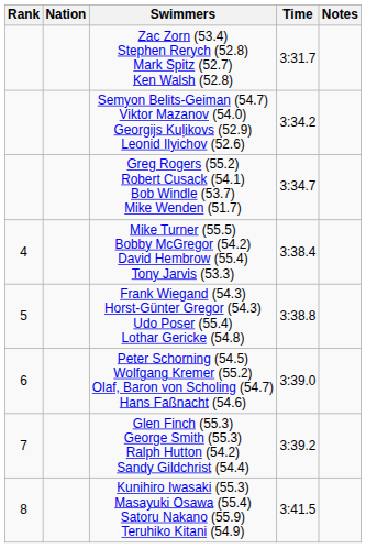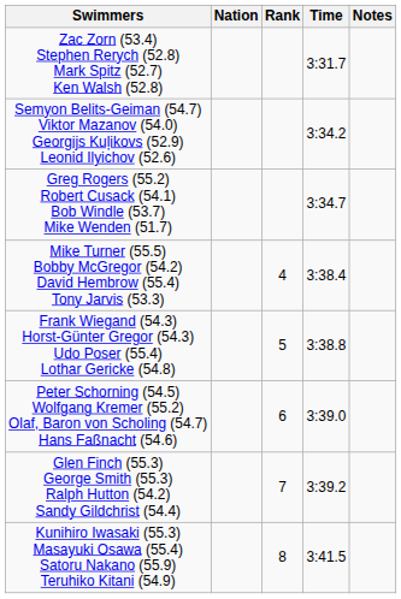 <table class="wikitable sortable" style="text-align:center">
 <tr>
+<th>Swimmers</th>
+<th>Nation</th>
 <th>Rank</th>
-<th>Nation</th>
-<th>Swimmers</th>
 <th>Time</th>
 <th>Notes</th>
 </tr>
 <tr>
+<td><a href='#'>Zac Zorn</a> (53.4) <br><a href='#'>Stephen Rerych</a> (52.8)<br><a href='#'>Mark Spitz</a> (52.7)<br><a href='#'>Ken Walsh</a> (52.8)</td>
 <td></td>
 <td></td>
-<td><a href='#'>Zac Zorn</a> (53.4) <br><a href='#'>Stephen Rerych</a> (52.8)<br><a href='#'>Mark Spitz</a> (52.7)<br><a href='#'>Ken Walsh</a> (52.8)</td>
 <td>3:31.7</td>
 <td></td>
 </tr>
 <tr>
+<td><a href='#'>Semyon Belits-Geiman</a> (54.7) <br><a href='#'>Viktor Mazanov</a> (54.0)<br><a href='#'>Georgijs Kuļikovs</a> (52.9)<br><a href='#'>Leonid Ilyichov</a> (52.6)</td>
 <td></td>
 <td></td>
-<td><a href='#'>Semyon Belits-Geiman</a> (54.7) <br><a href='#'>Viktor Mazanov</a> (54.0)<br><a href='#'>Georgijs Kuļikovs</a> (52.9)<br><a href='#'>Leonid Ilyichov</a> (52.6)</td>
 <td>3:34.2</td>
 <td></td>
 </tr>
 <tr>
+<td><a href='#'>Greg Rogers</a> (55.2) <br><a href='#'>Robert Cusack</a> (54.1)<br><a href='#'>Bob Windle</a> (53.7)<br><a href='#'>Mike Wenden</a> (51.7)</td>
 <td></td>
 <td></td>
-<td><a href='#'>Greg Rogers</a> (55.2) <br><a href='#'>Robert Cusack</a> (54.1)<br><a href='#'>Bob Windle</a> (53.7)<br><a href='#'>Mike Wenden</a> (51.7)</td>
 <td>3:34.7</td>
 <td></td>
 </tr>
 <tr>
+<td><a href='#'>Mike Turner</a> (55.5) <br><a href='#'>Bobby McGregor</a> (54.2)<br><a href='#'>David Hembrow</a> (55.4)<br><a href='#'>Tony Jarvis</a> (53.3)</td>
+<td></td>
 <td>4</td>
-<td></td>
-<td><a href='#'>Mike Turner</a> (55.5) <br><a href='#'>Bobby McGregor</a> (54.2)<br><a href='#'>David Hembrow</a> (55.4)<br><a href='#'>Tony Jarvis</a> (53.3)</td>
 <td>3:38.4</td>
 <td></td>
 </tr>
 <tr>
+<td><a href='#'>Frank Wiegand</a> (54.3) <br><a href='#'>Horst-Günter Gregor</a> (54.3)<br><a href='#'>Udo Poser</a> (55.4)<br><a href='#'>Lothar Gericke</a> (54.8)</td>
+<td></td>
 <td>5</td>
-<td></td>
-<td><a href='#'>Frank Wiegand</a> (54.3) <br><a href='#'>Horst-Günter Gregor</a> (54.3)<br><a href='#'>Udo Poser</a> (55.4)<br><a href='#'>Lothar Gericke</a> (54.8)</td>
 <td>3:38.8</td>
 <td></td>
 </tr>
 <tr>
+<td><a href='#'>Peter Schorning</a> (54.5) <br><a href='#'>Wolfgang Kremer</a> (55.2)<br><a href='#'>Olaf, Baron von Scholing</a> (54.7)<br><a href='#'>Hans Faßnacht</a> (54.6)</td>
+<td></td>
 <td>6</td>
-<td></td>
-<td><a href='#'>Peter Schorning</a> (54.5) <br><a href='#'>Wolfgang Kremer</a> (55.2)<br><a href='#'>Olaf, Baron von Scholing</a> (54.7)<br><a href='#'>Hans Faßnacht</a> (54.6)</td>
 <td>3:39.0</td>
 <td></td>
 </tr>
 <tr>
+<td><a href='#'>Glen Finch</a> (55.3) <br><a href='#'>George Smith</a> (55.3)<br><a href='#'>Ralph Hutton</a> (54.2)<br><a href='#'>Sandy Gildchrist</a> (54.4)</td>
+<td></td>
 <td>7</td>
-<td></td>
-<td><a href='#'>Glen Finch</a> (55.3) <br><a href='#'>George Smith</a> (55.3)<br><a href='#'>Ralph Hutton</a> (54.2)<br><a href='#'>Sandy Gildchrist</a> (54.4)</td>
 <td>3:39.2</td>
 <td></td>
 </tr>
 <tr>
+<td><a href='#'>Kunihiro Iwasaki</a> (55.3) <br><a href='#'>Masayuki Osawa</a> (55.4)<br><a href='#'>Satoru Nakano</a> (55.9)<br><a href='#'>Teruhiko Kitani</a> (54.9)</td>
+<td></td>
 <td>8</td>
-<td></td>
-<td><a href='#'>Kunihiro Iwasaki</a> (55.3) <br><a href='#'>Masayuki Osawa</a> (55.4)<br><a href='#'>Satoru Nakano</a> (55.9)<br><a href='#'>Teruhiko Kitani</a> (54.9)</td>
 <td>3:41.5</td>
 <td></td>
 </tr>
 </table>
